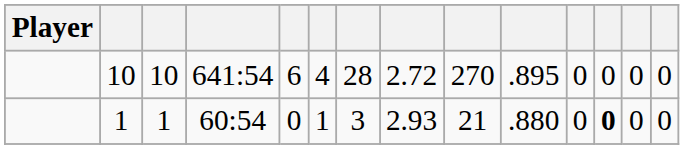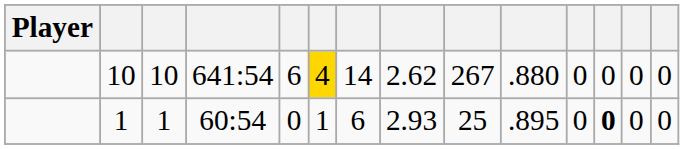 <table class="wikitable sortable" style="text-align:center;">
 <tr>
 <th>Player</th>
 <th></th>
 <th></th>
 <th></th>
 <th></th>
 <th></th>
 <th></th>
 <th></th>
 <th></th>
 <th></th>
 <th></th>
 <th></th>
 <th></th>
 <th></th>
 </tr>
 <tr>
 <td></td>
 <td>10</td>
 <td>10</td>
 <td>641:54</td>
 <td>6</td>
-<td>4</td>
-<td>28</td>
-<td>2.72</td>
-<td>270</td>
-<td>.895</td>
+<td style="background: gold;">4</td>
+<td>14</td>
+<td>2.62</td>
+<td>267</td>
+<td>.880</td>
 <td>0</td>
 <td>0</td>
 <td>0</td>
 <td>0</td>
 </tr>
 <tr>
 <td></td>
 <td>1</td>
 <td>1</td>
 <td>60:54</td>
 <td>0</td>
 <td>1</td>
-<td>3</td>
+<td>6</td>
 <td>2.93</td>
-<td>21</td>
-<td>.880</td>
+<td>25</td>
+<td>.895</td>
 <td>0</td>
 <td><strong>0</strong></td>
 <td>0</td>
 <td>0</td>
 </tr>
 </table>
